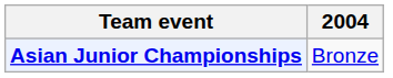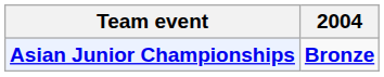 <table class="wikitable" style="font-size: 90%; text-align:center">
 <tr>
 <th>Team event</th>
 <th>2004</th>
 </tr>
 <tr>
 <td bgcolor="#ECF2FF"; align="left"><strong><a href='#'>Asian Junior Championships</a></strong></td>
-<td> <a href='#'>Bronze</a></td>
+<td><strong> <a href='#'>Bronze</a></strong></td>
 </tr>
 </table>
